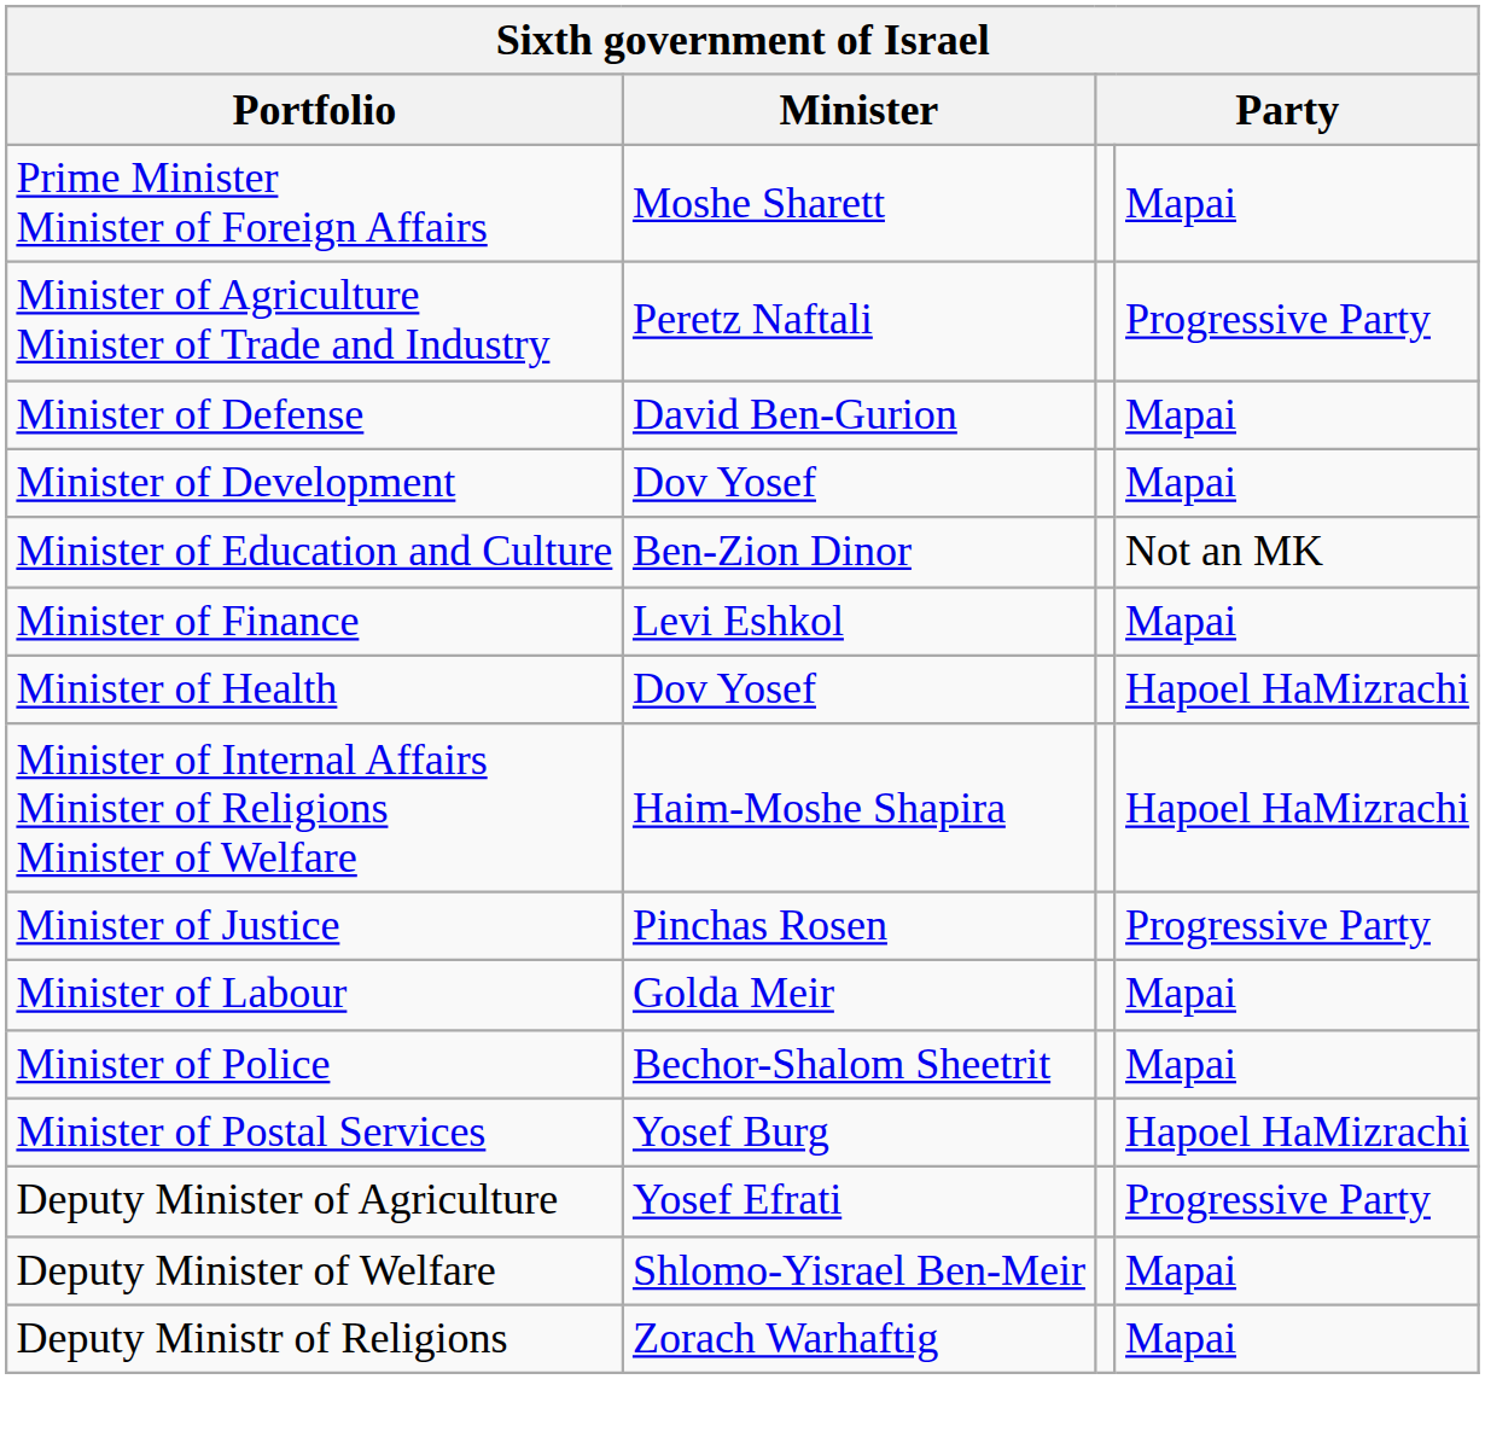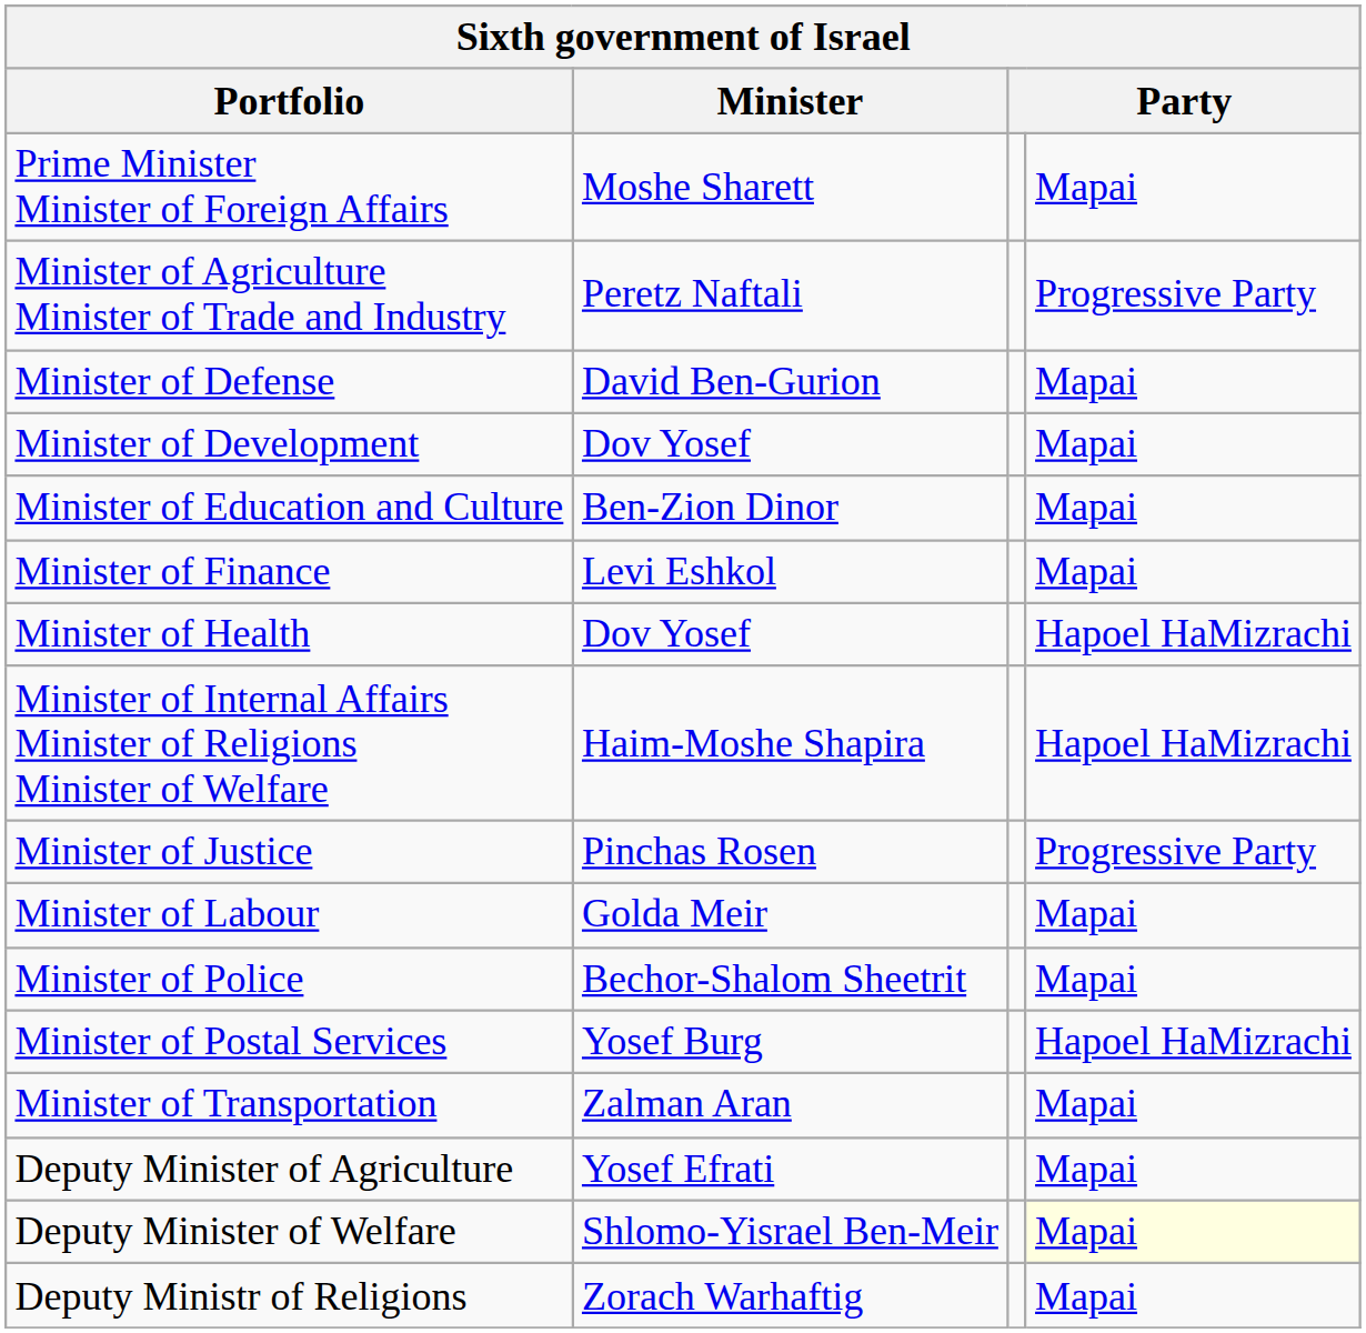 <table class="wikitable sortable" style="text-align:left">
 <tr>
 <th colspan=4>Sixth government of Israel</th>
 </tr>
 <tr>
 <th>Portfolio</th>
 <th>Minister</th>
 <th colspan=2>Party</th>
 </tr>
 <tr>
 <td><a href='#'>Prime Minister</a><br><a href='#'>Minister of Foreign Affairs</a></td>
 <td><a href='#'>Moshe Sharett</a></td>
 <td style="background:"></td>
 <td><a href='#'>Mapai</a></td>
 </tr>
 <tr>
 <td><a href='#'>Minister of Agriculture</a><br><a href='#'>Minister of Trade and Industry</a></td>
 <td><a href='#'>Peretz Naftali</a></td>
 <td style="background:"></td>
 <td><a href='#'>Progressive Party</a></td>
 </tr>
 <tr>
 <td><a href='#'>Minister of Defense</a></td>
 <td><a href='#'>David Ben-Gurion</a></td>
 <td style="background:"></td>
 <td><a href='#'>Mapai</a></td>
 </tr>
 <tr>
 <td><a href='#'>Minister of Development</a></td>
 <td><a href='#'>Dov Yosef</a></td>
 <td style="background:"></td>
 <td><a href='#'>Mapai</a></td>
 </tr>
 <tr>
 <td><a href='#'>Minister of Education and Culture</a></td>
 <td><a href='#'>Ben-Zion Dinor</a></td>
 <td style="background:"></td>
-<td>Not an MK</td>
+<td><a href='#'>Mapai</a></td>
 </tr>
 <tr>
 <td><a href='#'>Minister of Finance</a></td>
 <td><a href='#'>Levi Eshkol</a></td>
 <td style="background:"></td>
 <td><a href='#'>Mapai</a></td>
 </tr>
 <tr>
 <td><a href='#'>Minister of Health</a></td>
 <td><a href='#'>Dov Yosef</a></td>
 <td style="background:"></td>
 <td><a href='#'>Hapoel HaMizrachi</a></td>
 </tr>
 <tr>
 <td><a href='#'>Minister of Internal Affairs</a><br><a href='#'>Minister of Religions</a><br><a href='#'>Minister of Welfare</a></td>
 <td><a href='#'>Haim-Moshe Shapira</a></td>
 <td style="background:"></td>
 <td><a href='#'>Hapoel HaMizrachi</a></td>
 </tr>
 <tr>
 <td><a href='#'>Minister of Justice</a></td>
 <td><a href='#'>Pinchas Rosen</a></td>
 <td style="background:"></td>
 <td><a href='#'>Progressive Party</a></td>
 </tr>
 <tr>
 <td><a href='#'>Minister of Labour</a></td>
 <td><a href='#'>Golda Meir</a></td>
 <td style="background:"></td>
 <td><a href='#'>Mapai</a></td>
 </tr>
 <tr>
 <td><a href='#'>Minister of Police</a></td>
 <td><a href='#'>Bechor-Shalom Sheetrit</a></td>
 <td style="background:"></td>
 <td><a href='#'>Mapai</a></td>
 </tr>
 <tr>
 <td><a href='#'>Minister of Postal Services</a></td>
 <td><a href='#'>Yosef Burg</a></td>
 <td style="background:"></td>
 <td><a href='#'>Hapoel HaMizrachi</a></td>
 </tr>
 <tr>
+<td><a href='#'>Minister of Transportation</a></td>
+<td><a href='#'>Zalman Aran</a></td>
+<td style="background:"></td>
+<td><a href='#'>Mapai</a></td>
+</tr>
+<tr>
 <td>Deputy Minister of Agriculture</td>
 <td><a href='#'>Yosef Efrati</a></td>
 <td style="background:"></td>
-<td><a href='#'>Progressive Party</a></td>
+<td><a href='#'>Mapai</a></td>
 </tr>
 <tr>
 <td>Deputy Minister of Welfare</td>
 <td><a href='#'>Shlomo-Yisrael Ben-Meir</a></td>
 <td style="background:"></td>
-<td><a href='#'>Mapai</a></td>
+<td style="background: lightyellow;"><a href='#'>Mapai</a></td>
 </tr>
 <tr>
 <td>Deputy Ministr of Religions</td>
 <td><a href='#'>Zorach Warhaftig</a></td>
 <td style="background:"></td>
 <td><a href='#'>Mapai</a></td>
 </tr>
 </table>
